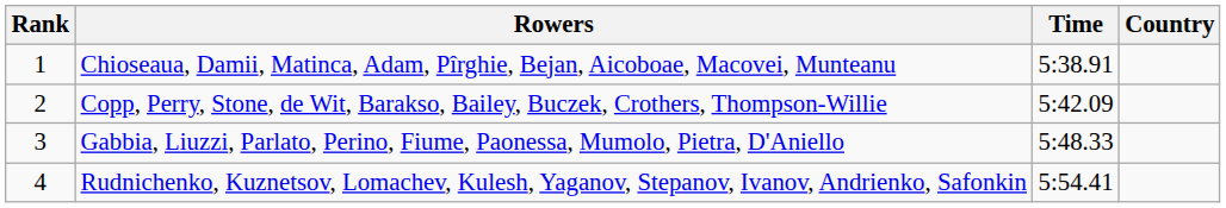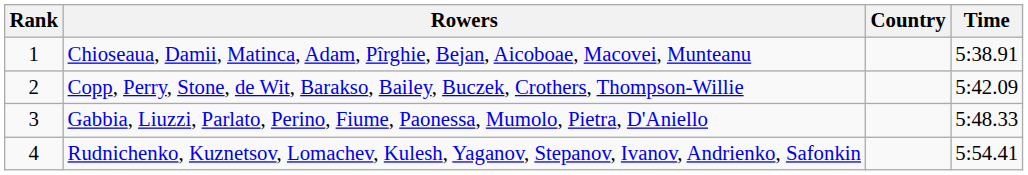 <table class="wikitable" style="text-align:center">
 <tr>
 <th>Rank</th>
 <th>Rowers</th>
+<th>Country</th>
 <th>Time</th>
-<th>Country</th>
 </tr>
 <tr>
 <td>1</td>
 <td align="left"><a href='#'>Chioseaua</a>, <a href='#'>Damii</a>, <a href='#'>Matinca</a>, <a href='#'>Adam</a>, <a href='#'>Pîrghie</a>, <a href='#'>Bejan</a>, <a href='#'>Aicoboae</a>, <a href='#'>Macovei</a>, <a href='#'>Munteanu</a></td>
+<td align="left"></td>
 <td>5:38.91</td>
-<td align="left"></td>
 </tr>
 <tr>
 <td>2</td>
 <td align="left"><a href='#'>Copp</a>, <a href='#'>Perry</a>, <a href='#'>Stone</a>, <a href='#'>de Wit</a>, <a href='#'>Barakso</a>, <a href='#'>Bailey</a>, <a href='#'>Buczek</a>, <a href='#'>Crothers</a>, <a href='#'>Thompson-Willie</a></td>
+<td align="left"></td>
 <td>5:42.09</td>
-<td align="left"></td>
 </tr>
 <tr>
 <td>3</td>
 <td align="left"><a href='#'>Gabbia</a>, <a href='#'>Liuzzi</a>, <a href='#'>Parlato</a>, <a href='#'>Perino</a>, <a href='#'>Fiume</a>, <a href='#'>Paonessa</a>, <a href='#'>Mumolo</a>, <a href='#'>Pietra</a>, <a href='#'>D'Aniello</a></td>
+<td align="left"></td>
 <td>5:48.33</td>
-<td align="left"></td>
 </tr>
 <tr>
 <td>4</td>
 <td align="left"><a href='#'>Rudnichenko</a>, <a href='#'>Kuznetsov</a>, <a href='#'>Lomachev</a>, <a href='#'>Kulesh</a>, <a href='#'>Yaganov</a>, <a href='#'>Stepanov</a>, <a href='#'>Ivanov</a>, <a href='#'>Andrienko</a>, <a href='#'>Safonkin</a></td>
+<td align="left"></td>
 <td>5:54.41</td>
-<td align="left"></td>
 </tr>
 </table>
